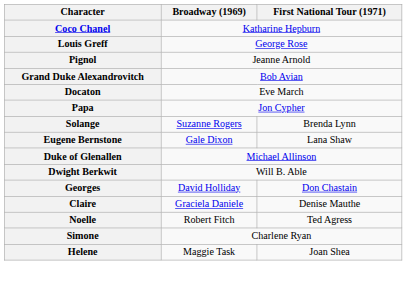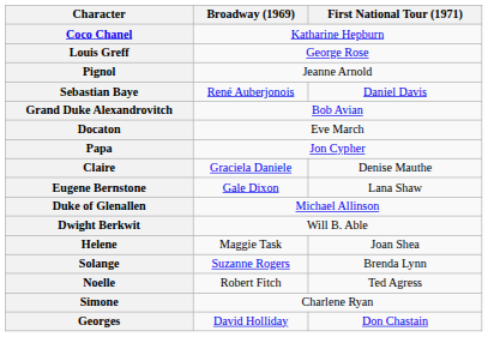 <table class="wikitable" style="width:50%; text-align:center">
 <tr>
 <th scope="col">Character</th>
 <th>Broadway (1969)</th>
 <th>First National Tour (1971)</th>
 </tr>
 <tr>
 <th><a href='#'>Coco Chanel</a></th>
 <td colspan="2"><a href='#'>Katharine Hepburn</a></td>
 </tr>
 <tr>
 <th>Louis Greff</th>
 <td colspan="2”"><a href='#'>George Rose</a></td>
 </tr>
 <tr>
 <th>Pignol</th>
 <td colspan="2”">Jeanne Arnold</td>
 </tr>
 <tr>
+<th>Sebastian Baye</th>
+<td colspan="1"><a href='#'>René Auberjonois</a></td>
+<td colspan="1"><a href='#'>Daniel Davis</a></td>
+</tr>
+<tr>
 <th>Grand Duke Alexandrovitch</th>
 <td colspan="2"><a href='#'>Bob Avian</a></td>
 </tr>
 <tr>
 <th>Docaton</th>
 <td colspan="2">Eve March</td>
 </tr>
 <tr>
 <th>Papa</th>
 <td colspan="2"><a href='#'>Jon Cypher</a></td>
 </tr>
 <tr>
-<th>Solange</th>
-<td colspan="1"><a href='#'>Suzanne Rogers</a></td>
-<td colspan="1">Brenda Lynn</td>
+<th>Claire</th>
+<td colspan="1"><a href='#'>Graciela Daniele</a></td>
+<td colspan="1">Denise Mauthe</td>
 </tr>
 <tr>
 <th>Eugene Bernstone</th>
 <td colspan="1"><a href='#'>Gale Dixon</a></td>
 <td colspan="1">Lana Shaw</td>
 </tr>
 <tr>
 <th>Duke of Glenallen</th>
 <td colspan="2"><a href='#'>Michael Allinson</a></td>
 </tr>
 <tr>
 <th>Dwight Berkwit</th>
 <td colspan="2">Will B. Able</td>
 </tr>
 <tr>
-<th>Georges</th>
-<td colspan="1"><a href='#'>David Holliday</a></td>
-<td colspan="1"><a href='#'>Don Chastain</a></td>
+<th>Helene</th>
+<td colspan="1">Maggie Task</td>
+<td colspan="1">Joan Shea</td>
 </tr>
 <tr>
-<th>Claire</th>
-<td colspan="1"><a href='#'>Graciela Daniele</a></td>
-<td colspan="1">Denise Mauthe</td>
+<th>Solange</th>
+<td colspan="1"><a href='#'>Suzanne Rogers</a></td>
+<td colspan="1">Brenda Lynn</td>
 </tr>
 <tr>
 <th>Noelle</th>
 <td colspan="1">Robert Fitch</td>
 <td colspan="1">Ted Agress</td>
 </tr>
 <tr>
 <th>Simone</th>
 <td colspan="2">Charlene Ryan</td>
 </tr>
 <tr>
-<th>Helene</th>
-<td colspan="1">Maggie Task</td>
-<td colspan="1">Joan Shea</td>
+<th>Georges</th>
+<td colspan="1"><a href='#'>David Holliday</a></td>
+<td colspan="1"><a href='#'>Don Chastain</a></td>
 </tr>
 </table>
